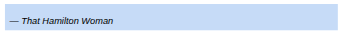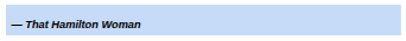 <table class="toccolours" style="float: left; margin-left: 1em; margin-right: 2em; font-size: 95%; background:#c6dbf7; color:black; width:30em; max-width: 40%;" cellspacing="5">
 <tr>
 <td style="text-align: left;"></td>
 </tr>
 <tr>
-<td style="text-align: left;"><small>— <em>That Hamilton Woman</em> </small></td>
+<td style="text-align: left;"><strong><small>— <em>That Hamilton Woman</em> </small></strong></td>
 </tr>
 </table>
